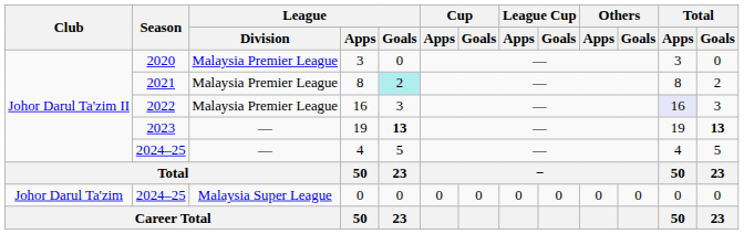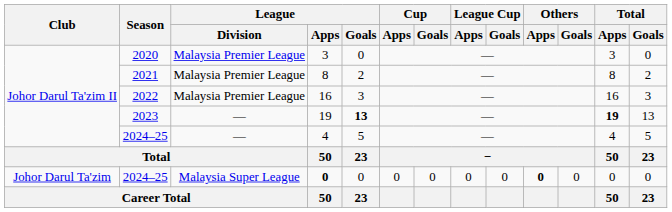 <table class=wikitable style="text-align:center">
 <tr>
 <th rowspan=2>Club</th>
 <th rowspan=2>Season</th>
 <th colspan=3>League</th>
 <th colspan=2>Cup</th>
 <th colspan=2>League Cup</th>
 <th colspan=2>Others</th>
 <th colspan=2>Total</th>
 </tr>
 <tr>
 <th>Division</th>
 <th>Apps</th>
 <th>Goals</th>
 <th>Apps</th>
 <th>Goals</th>
 <th>Apps</th>
 <th>Goals</th>
 <th>Apps</th>
 <th>Goals</th>
 <th>Apps</th>
 <th>Goals</th>
 </tr>
 <tr>
 <td rowspan=5><a href='#'>Johor Darul Ta'zim II</a></td>
 <td><a href='#'>2020</a></td>
 <td><a href='#'>Malaysia Premier League</a></td>
 <td>3</td>
 <td>0</td>
 <td colspan="6">—</td>
 <td>3</td>
 <td>0</td>
 </tr>
 <tr>
 <td><a href='#'>2021</a></td>
 <td>Malaysia Premier League</td>
 <td>8</td>
-<td style="background: paleturquoise;">2</td>
+<td>2</td>
 <td colspan="6">—</td>
 <td>8</td>
 <td>2</td>
 </tr>
 <tr>
 <td><a href='#'>2022</a></td>
 <td>Malaysia Premier League</td>
 <td>16</td>
 <td>3</td>
 <td colspan="6">—</td>
-<td style="background: lavender;">16</td>
+<td>16</td>
 <td>3</td>
 </tr>
 <tr>
 <td><a href='#'>2023</a></td>
 <td>—</td>
 <td>19</td>
 <td><strong>13</strong></td>
 <td colspan="6">—</td>
-<td>19</td>
-<td><strong>13</strong></td>
+<td><strong>19</strong></td>
+<td>13</td>
 </tr>
 <tr>
 <td><a href='#'>2024–25</a></td>
 <td>—</td>
 <td>4</td>
 <td>5</td>
 <td colspan="6">—</td>
 <td>4</td>
 <td>5</td>
 </tr>
 <tr>
 <th colspan="3">Total</th>
 <th>50</th>
 <th>23</th>
 <th colspan="6">−</th>
 <th>50</th>
 <th>23</th>
 </tr>
 <tr>
 <td><a href='#'>Johor Darul Ta'zim</a></td>
 <td><a href='#'>2024–25</a></td>
 <td><a href='#'>Malaysia Super League</a></td>
+<td><strong>0</strong></td>
 <td>0</td>
 <td>0</td>
 <td>0</td>
 <td>0</td>
 <td>0</td>
-<td>0</td>
-<td>0</td>
+<td><strong>0</strong></td>
 <td>0</td>
 <td>0</td>
 <td>0</td>
 </tr>
 <tr>
 <th colspan="3">Career Total</th>
 <th>50</th>
 <th>23</th>
 <th></th>
 <th></th>
 <th></th>
 <th></th>
 <th></th>
 <th></th>
 <th>50</th>
 <th>23</th>
 </tr>
 </table>
